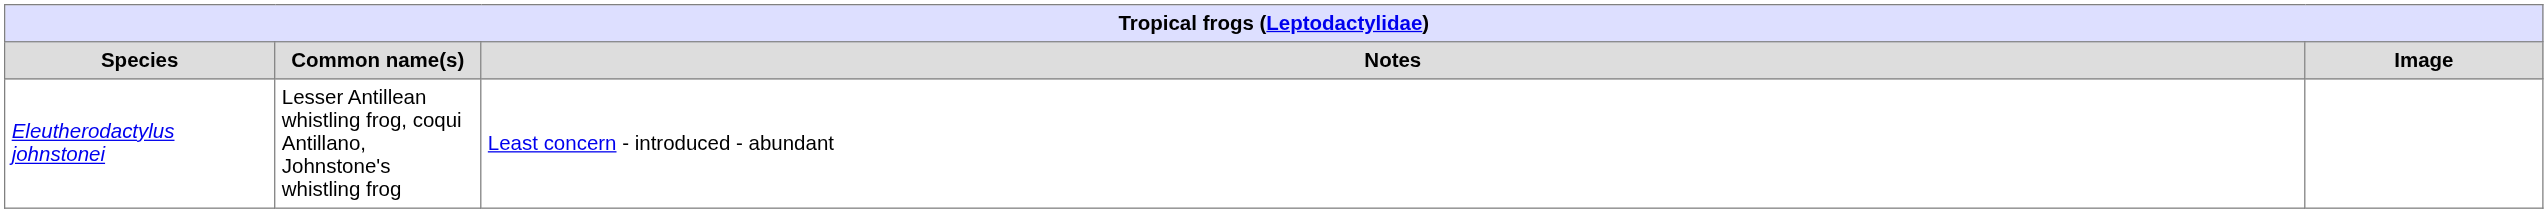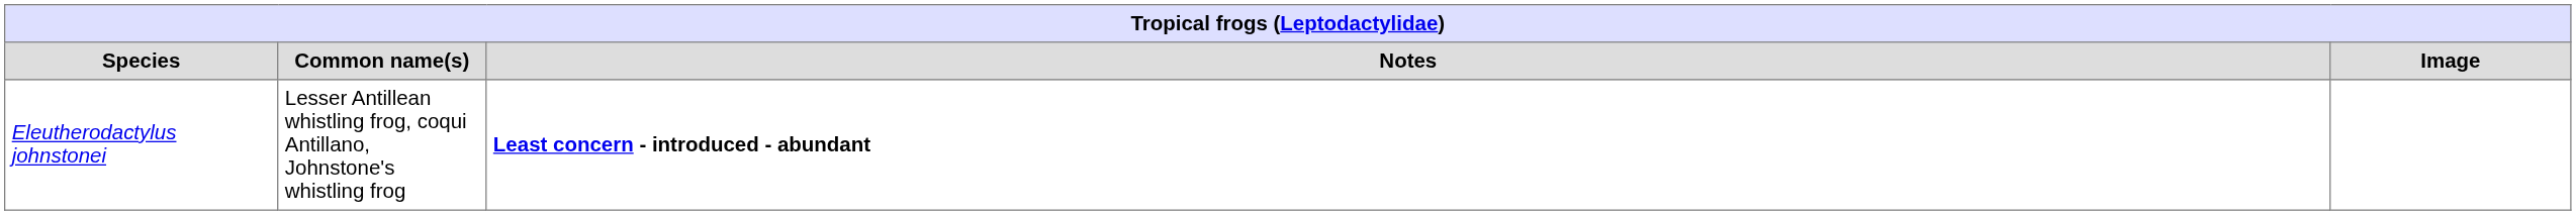 <table border=1 style="border-collapse:collapse;" cellpadding=5 width=100%>
 <tr>
 <th colspan=4 bgcolor=#DDDFFF>Tropical frogs (<a href='#'>Leptodactylidae</a>)</th>
 </tr>
 <tr bgcolor=#DDDDDD align=center>
 <th width=200px>Species</th>
 <th width=150px>Common name(s)</th>
 <th>Notes</th>
 <th width=175px>Image</th>
 </tr>
 <tr>
 <td><em><a href='#'>Eleutherodactylus johnstonei</a></em></td>
 <td>Lesser Antillean whistling frog, coqui Antillano, Johnstone's whistling frog</td>
-<td><a href='#'>Least concern</a> - introduced - abundant</td>
+<td><strong><a href='#'>Least concern</a> - introduced - abundant</strong></td>
 <td></td>
 </tr>
 </table>
